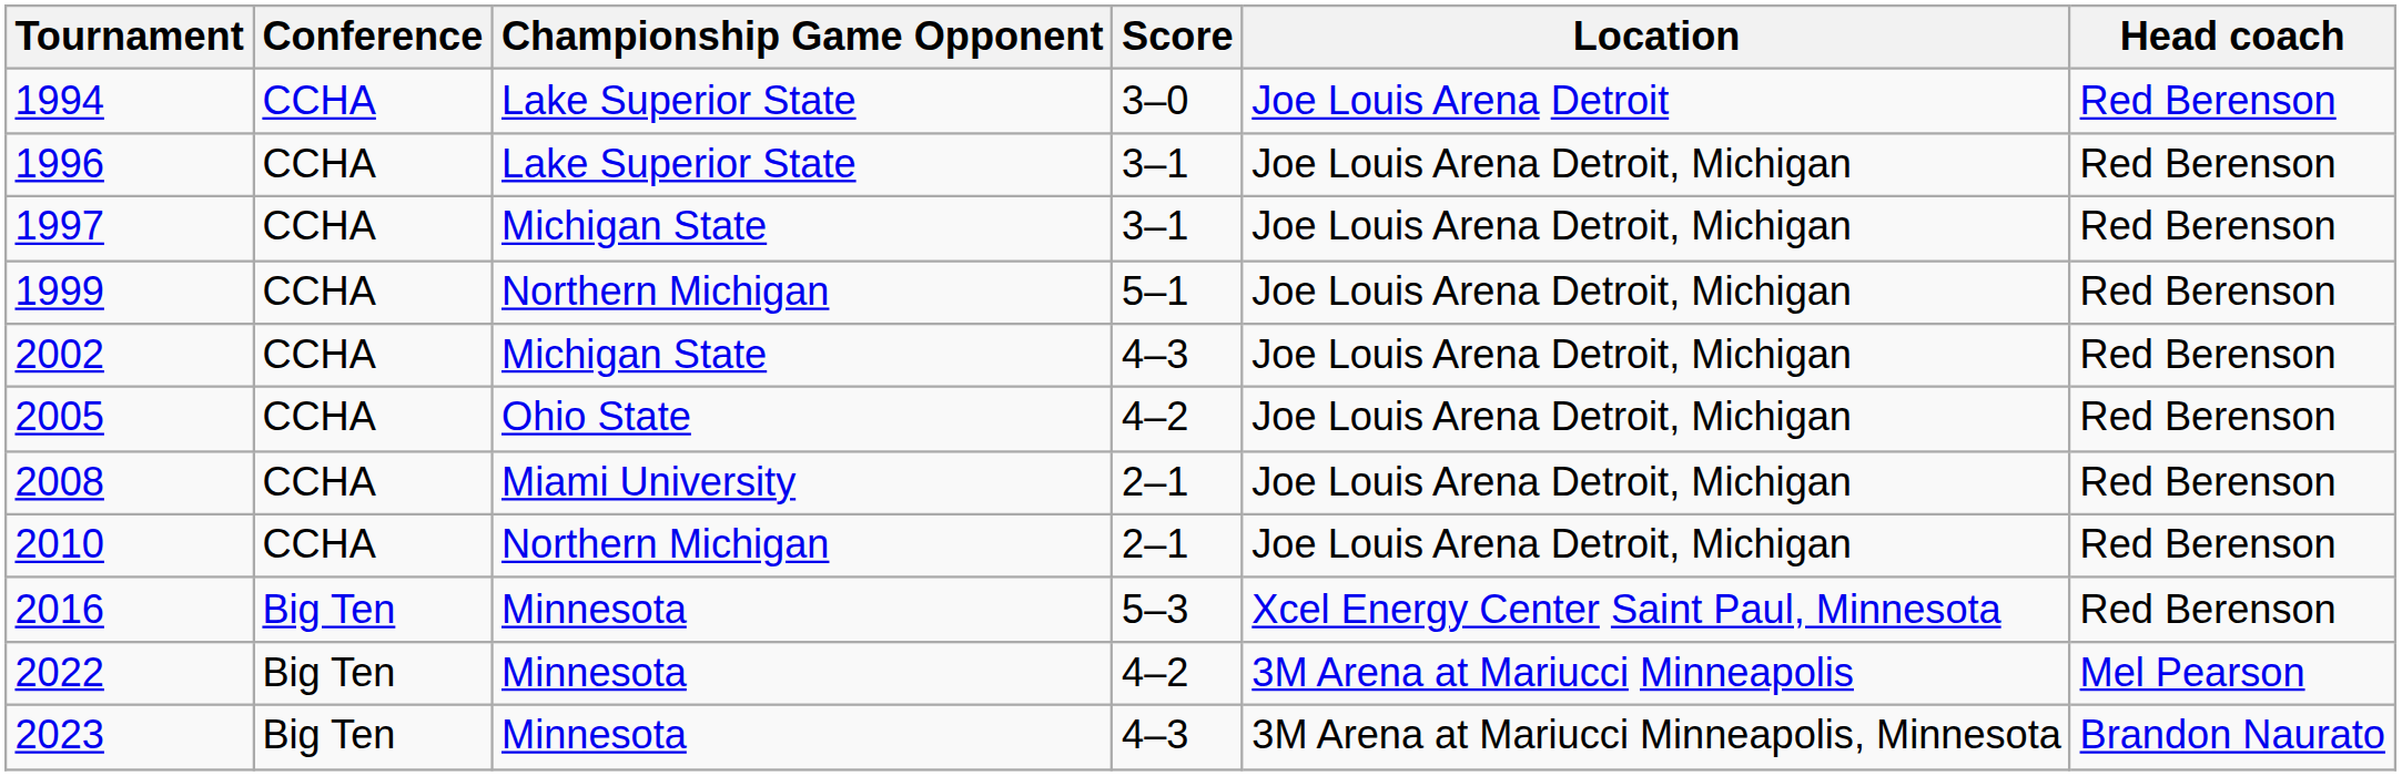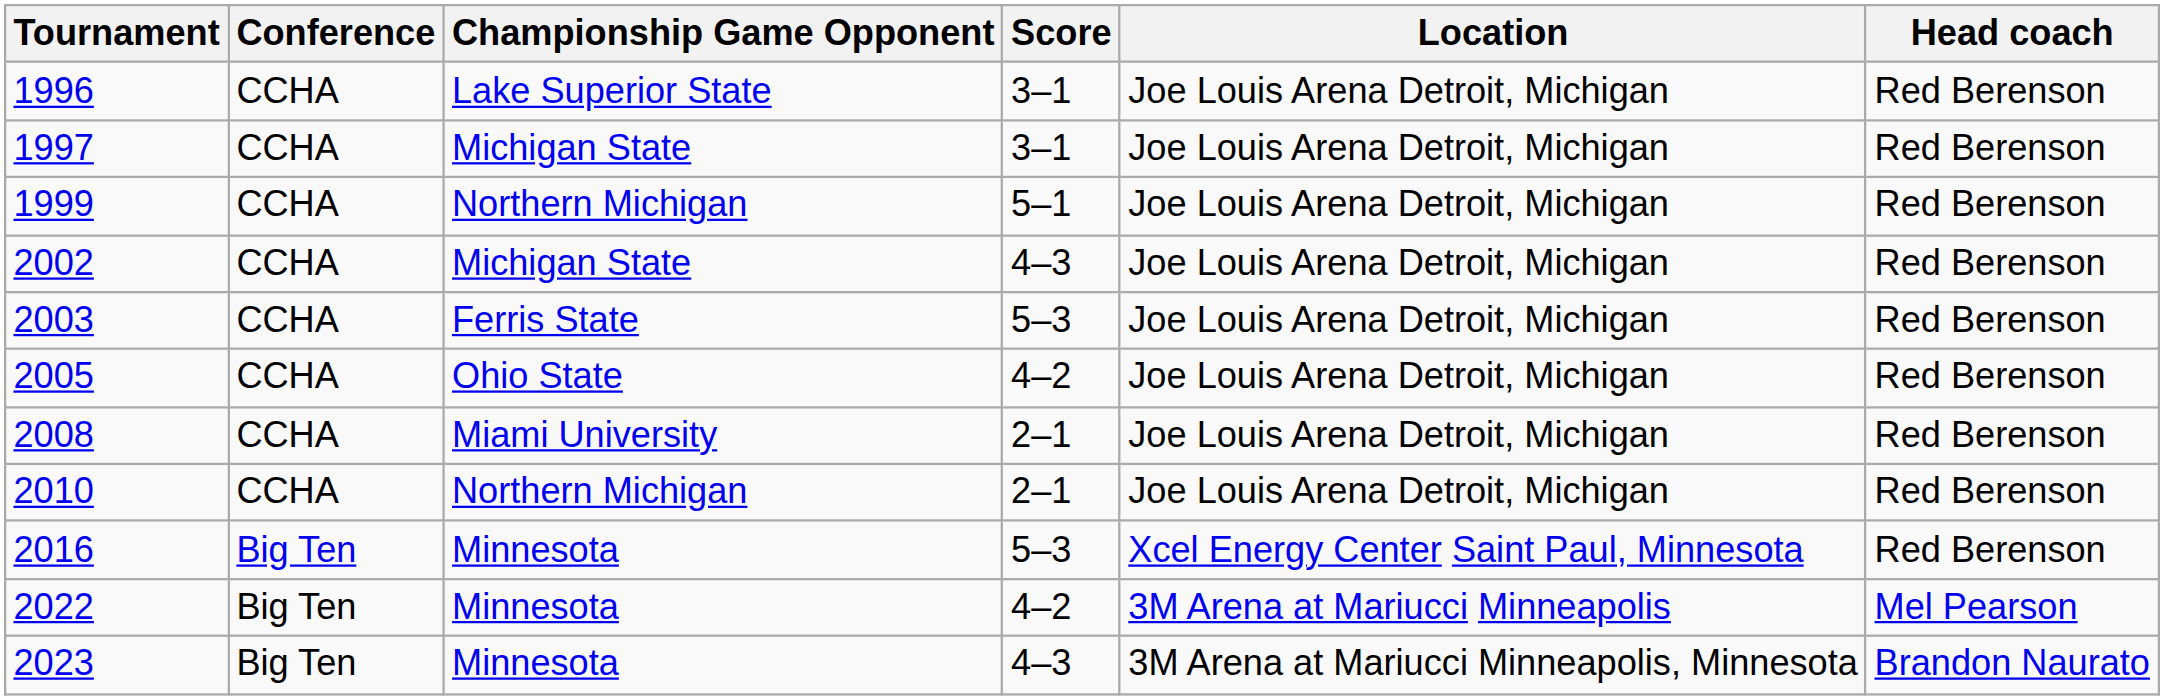 <table class="wikitable">
 <tr>
 <th>Tournament</th>
 <th>Conference</th>
 <th>Championship Game Opponent</th>
 <th>Score</th>
 <th>Location</th>
 <th>Head coach</th>
-</tr>
-<tr>
-<td><a href='#'>1994</a></td>
-<td><a href='#'>CCHA</a></td>
-<td><a href='#'>Lake Superior State</a></td>
-<td>3–0</td>
-<td><a href='#'>Joe Louis Arena</a> <a href='#'>Detroit</a></td>
-<td><a href='#'>Red Berenson</a></td>
 </tr>
 <tr>
 <td><a href='#'>1996</a></td>
 <td>CCHA</td>
 <td><a href='#'>Lake Superior State</a></td>
 <td>3–1</td>
 <td>Joe Louis Arena Detroit, Michigan</td>
 <td>Red Berenson</td>
 </tr>
 <tr>
 <td><a href='#'>1997</a></td>
 <td>CCHA</td>
 <td><a href='#'>Michigan State</a></td>
 <td>3–1</td>
 <td>Joe Louis Arena Detroit, Michigan</td>
 <td>Red Berenson</td>
 </tr>
 <tr>
 <td><a href='#'>1999</a></td>
 <td>CCHA</td>
 <td><a href='#'>Northern Michigan</a></td>
 <td>5–1</td>
 <td>Joe Louis Arena Detroit, Michigan</td>
 <td>Red Berenson</td>
 </tr>
 <tr>
 <td><a href='#'>2002</a></td>
 <td>CCHA</td>
 <td><a href='#'>Michigan State</a></td>
 <td>4–3</td>
+<td>Joe Louis Arena Detroit, Michigan</td>
+<td>Red Berenson</td>
+</tr>
+<tr>
+<td><a href='#'>2003</a></td>
+<td>CCHA</td>
+<td><a href='#'>Ferris State</a></td>
+<td>5–3</td>
 <td>Joe Louis Arena Detroit, Michigan</td>
 <td>Red Berenson</td>
 </tr>
 <tr>
 <td><a href='#'>2005</a></td>
 <td>CCHA</td>
 <td><a href='#'>Ohio State</a></td>
 <td>4–2</td>
 <td>Joe Louis Arena Detroit, Michigan</td>
 <td>Red Berenson</td>
 </tr>
 <tr>
 <td><a href='#'>2008</a></td>
 <td>CCHA</td>
 <td><a href='#'>Miami University</a></td>
 <td>2–1</td>
 <td>Joe Louis Arena Detroit, Michigan</td>
 <td>Red Berenson</td>
 </tr>
 <tr>
 <td><a href='#'>2010</a></td>
 <td>CCHA</td>
 <td><a href='#'>Northern Michigan</a></td>
 <td>2–1</td>
 <td>Joe Louis Arena Detroit, Michigan</td>
 <td>Red Berenson</td>
 </tr>
 <tr>
 <td><a href='#'>2016</a></td>
 <td><a href='#'>Big Ten</a></td>
 <td><a href='#'>Minnesota</a></td>
 <td>5–3</td>
 <td><a href='#'>Xcel Energy Center</a> <a href='#'>Saint Paul, Minnesota</a></td>
 <td>Red Berenson</td>
 </tr>
 <tr>
 <td><a href='#'>2022</a></td>
 <td>Big Ten</td>
 <td><a href='#'>Minnesota</a></td>
 <td>4–2</td>
 <td><a href='#'>3M Arena at Mariucci</a> <a href='#'>Minneapolis</a></td>
 <td><a href='#'>Mel Pearson</a></td>
 </tr>
 <tr>
 <td><a href='#'>2023</a></td>
 <td>Big Ten</td>
 <td><a href='#'>Minnesota</a></td>
 <td>4–3</td>
 <td>3M Arena at Mariucci Minneapolis, Minnesota</td>
 <td><a href='#'>Brandon Naurato</a></td>
 </tr>
 </table>
